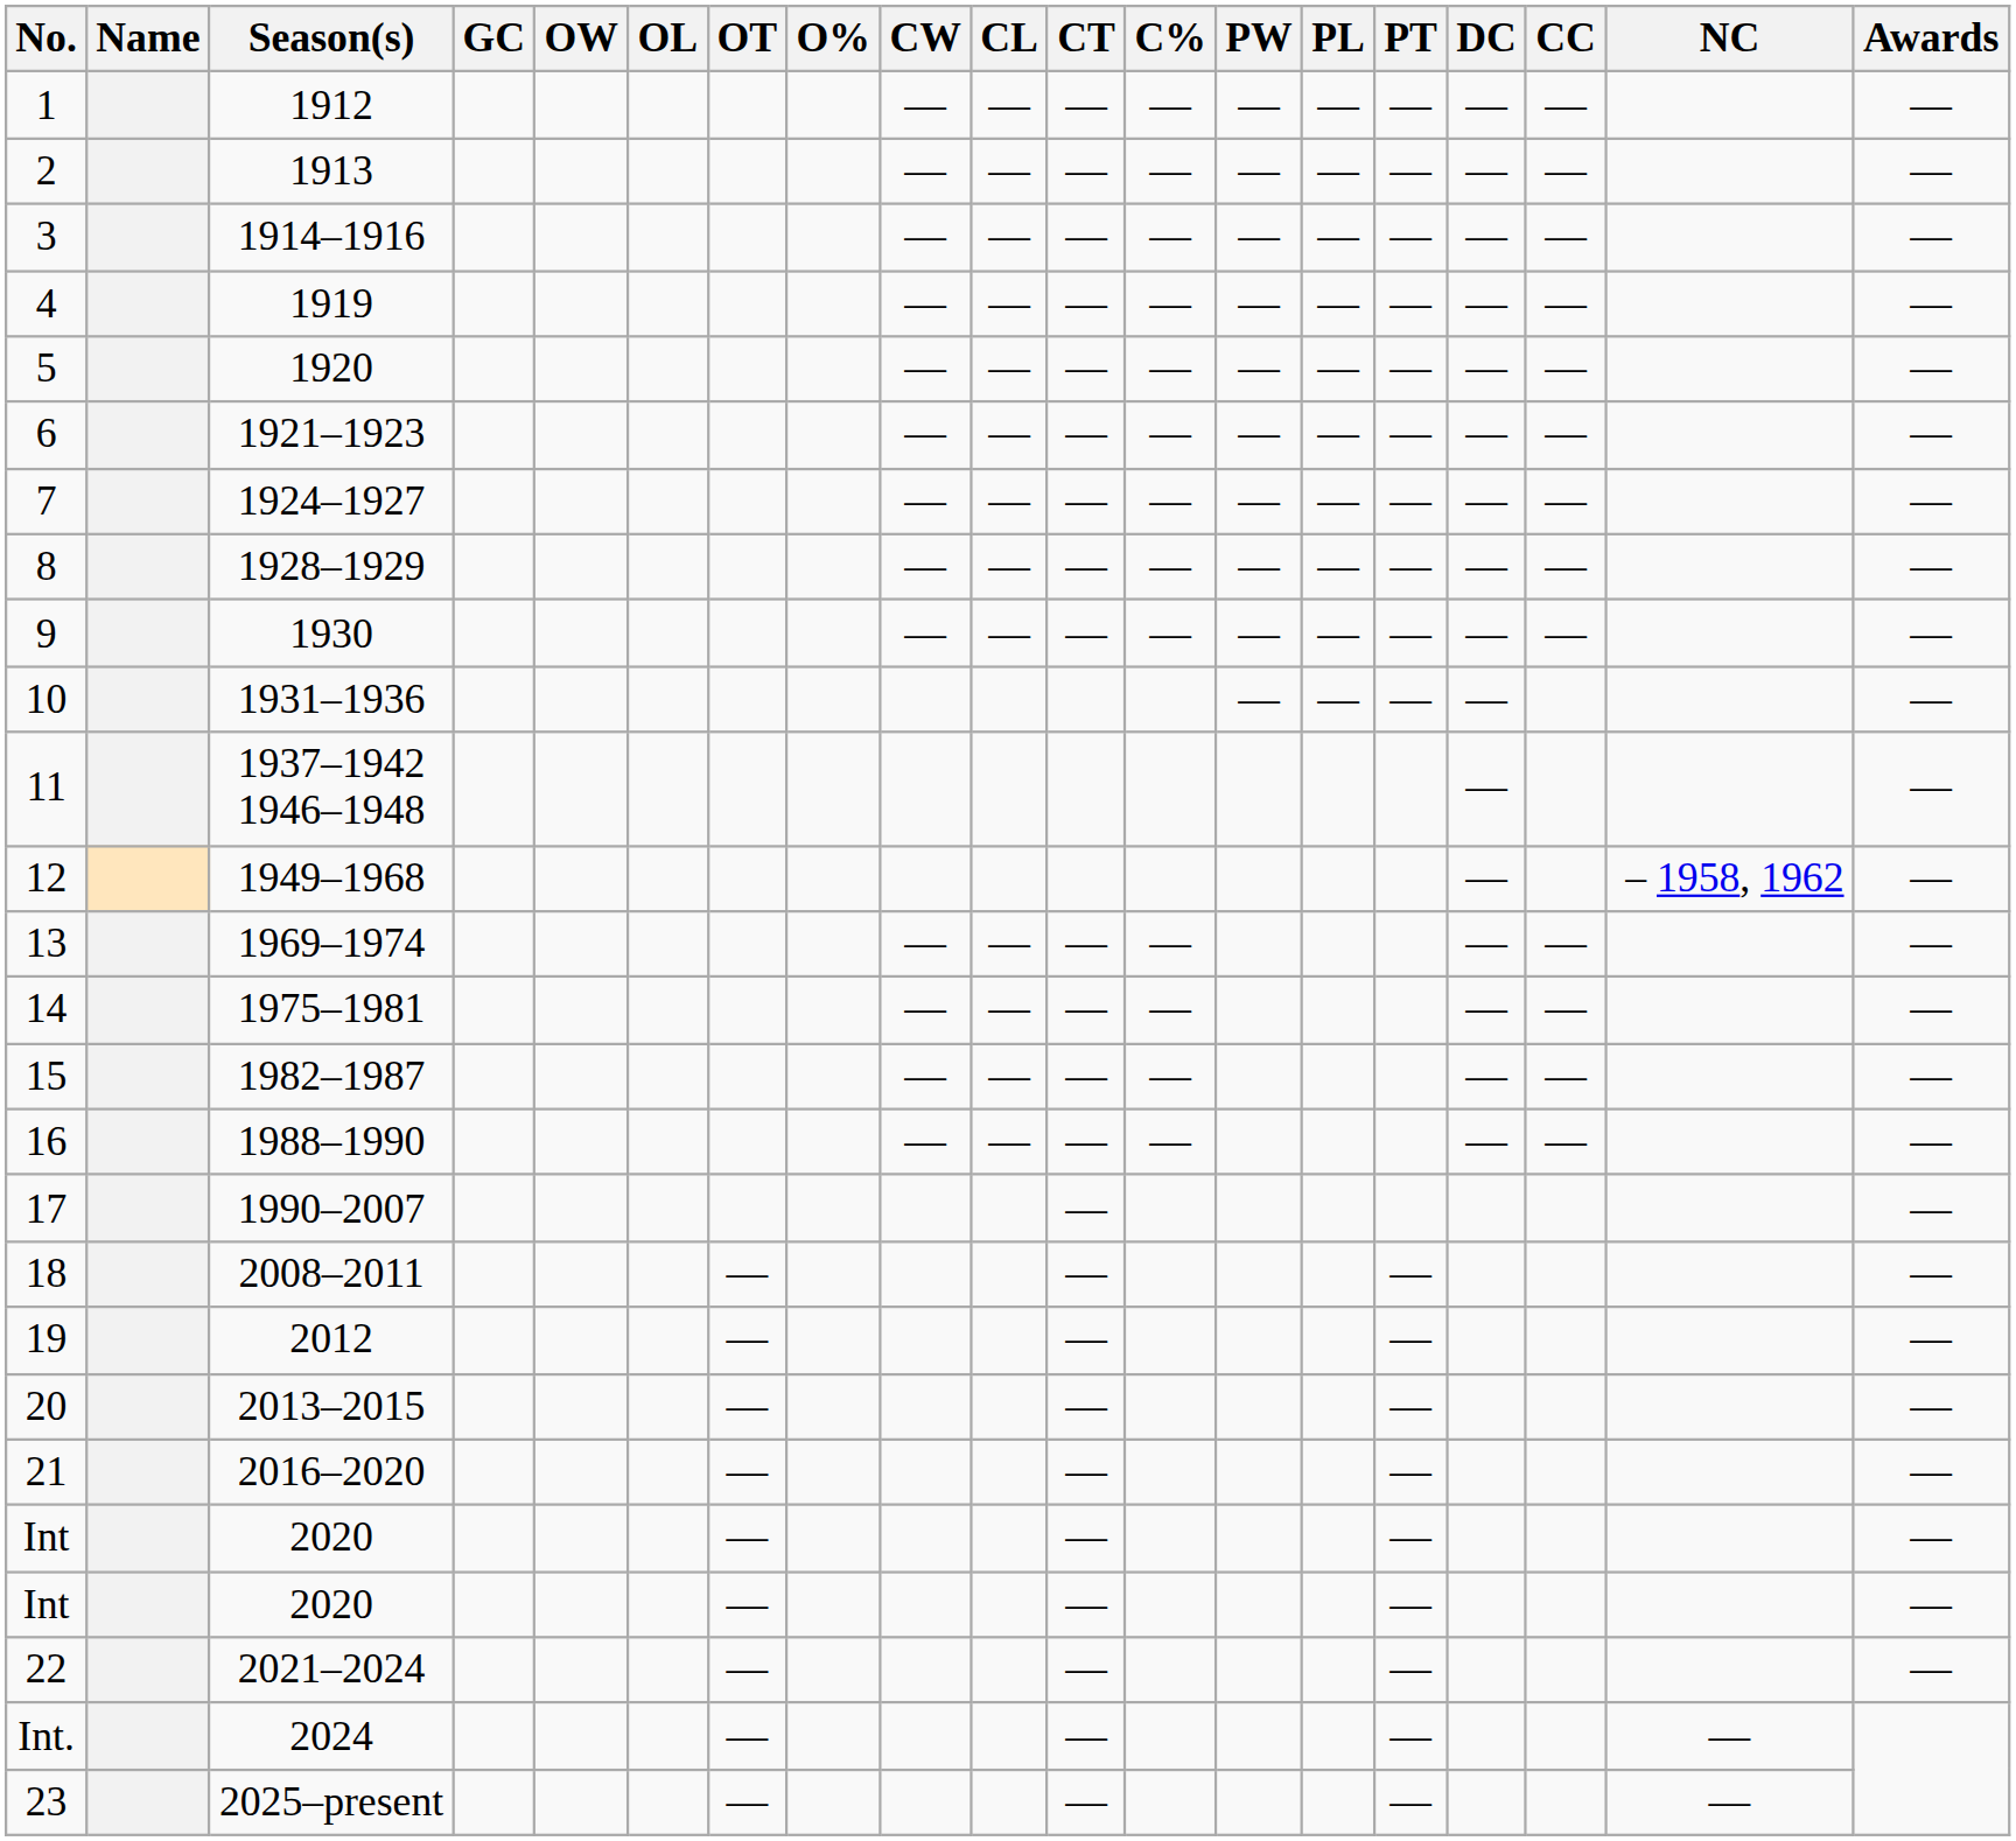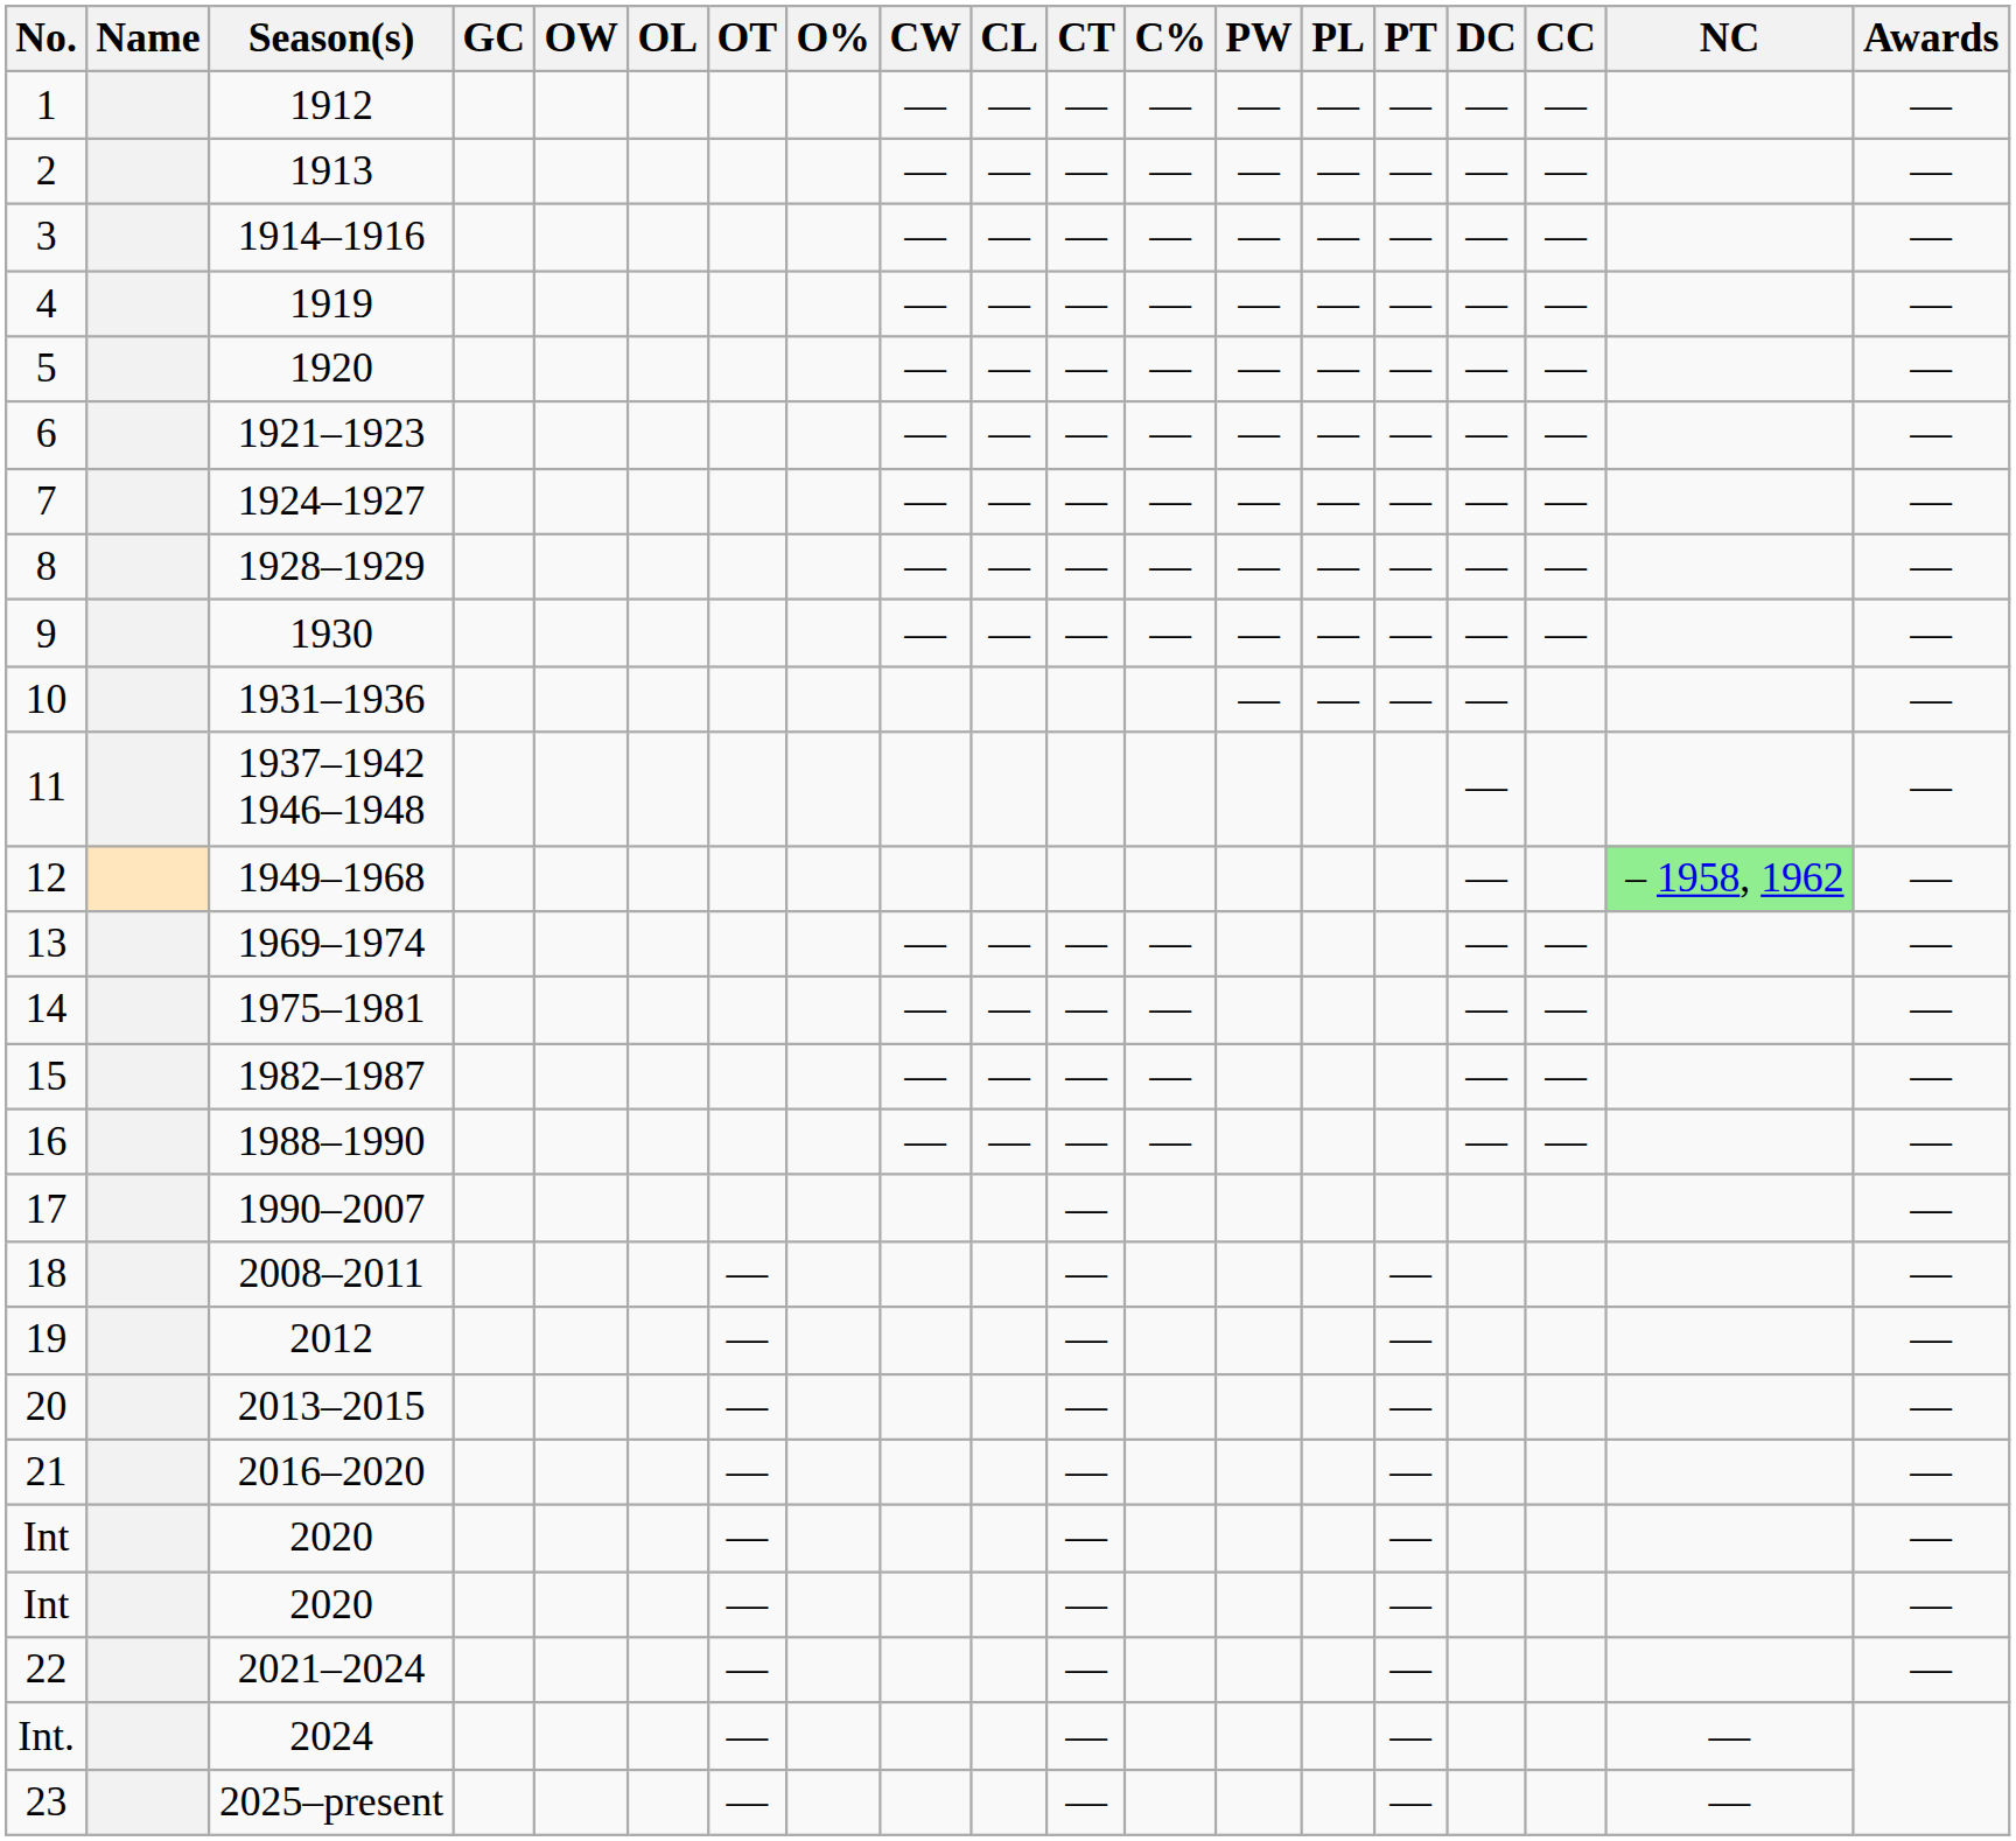 <table class="wikitable sortable" style="text-align:center">
 <tr>
 <th scope="col" class="unsortable">No.</th>
 <th scope="col">Name</th>
 <th scope="col">Season(s)<br></th>
 <th scope="col">GC</th>
 <th scope="col">OW</th>
 <th scope="col">OL</th>
 <th scope="col">OT</th>
 <th scope="col">O%</th>
 <th scope="col">CW</th>
 <th scope="col">CL</th>
 <th scope="col">CT</th>
 <th scope="col">C%</th>
 <th scope="col">PW</th>
 <th scope="col">PL</th>
 <th scope="col">PT</th>
 <th scope="col">DC<br></th>
 <th scope="col">CC</th>
 <th scope="col">NC</th>
 <th scope="col" class="unsortable">Awards</th>
 </tr>
 <tr>
 <td>1</td>
 <th scope="row"></th>
 <td>1912</td>
 <td></td>
 <td></td>
 <td></td>
 <td></td>
 <td></td>
 <td>—</td>
 <td>—</td>
 <td>—</td>
 <td>—</td>
 <td>—</td>
 <td>—</td>
 <td>—</td>
 <td>—</td>
 <td>—</td>
 <td></td>
 <td>—</td>
 </tr>
 <tr>
 <td>2</td>
 <th scope="row"></th>
 <td>1913</td>
 <td></td>
 <td></td>
 <td></td>
 <td></td>
 <td></td>
 <td>—</td>
 <td>—</td>
 <td>—</td>
 <td>—</td>
 <td>—</td>
 <td>—</td>
 <td>—</td>
 <td>—</td>
 <td>—</td>
 <td></td>
 <td>—</td>
 </tr>
 <tr>
 <td>3</td>
 <th scope="row"></th>
 <td>1914–1916</td>
 <td></td>
 <td></td>
 <td></td>
 <td></td>
 <td></td>
 <td>—</td>
 <td>—</td>
 <td>—</td>
 <td>—</td>
 <td>—</td>
 <td>—</td>
 <td>—</td>
 <td>—</td>
 <td>—</td>
 <td></td>
 <td>—</td>
 </tr>
 <tr>
 <td>4</td>
 <th scope="row"></th>
 <td>1919</td>
 <td></td>
 <td></td>
 <td></td>
 <td></td>
 <td></td>
 <td>—</td>
 <td>—</td>
 <td>—</td>
 <td>—</td>
 <td>—</td>
 <td>—</td>
 <td>—</td>
 <td>—</td>
 <td>—</td>
 <td></td>
 <td>—</td>
 </tr>
 <tr>
 <td>5</td>
 <th scope="row"></th>
 <td>1920</td>
 <td></td>
 <td></td>
 <td></td>
 <td></td>
 <td></td>
 <td>—</td>
 <td>—</td>
 <td>—</td>
 <td>—</td>
 <td>—</td>
 <td>—</td>
 <td>—</td>
 <td>—</td>
 <td>—</td>
 <td></td>
 <td>—</td>
 </tr>
 <tr>
 <td>6</td>
 <th scope="row"></th>
 <td>1921–1923</td>
 <td></td>
 <td></td>
 <td></td>
 <td></td>
 <td></td>
 <td>—</td>
 <td>—</td>
 <td>—</td>
 <td>—</td>
 <td>—</td>
 <td>—</td>
 <td>—</td>
 <td>—</td>
 <td>—</td>
 <td></td>
 <td>—</td>
 </tr>
 <tr>
 <td>7</td>
 <th scope="row"></th>
 <td>1924–1927</td>
 <td></td>
 <td></td>
 <td></td>
 <td></td>
 <td></td>
 <td>—</td>
 <td>—</td>
 <td>—</td>
 <td>—</td>
 <td>—</td>
 <td>—</td>
 <td>—</td>
 <td>—</td>
 <td>—</td>
 <td></td>
 <td>—</td>
 </tr>
 <tr>
 <td>8</td>
 <th scope="row"></th>
 <td>1928–1929</td>
 <td></td>
 <td></td>
 <td></td>
 <td></td>
 <td></td>
 <td>—</td>
 <td>—</td>
 <td>—</td>
 <td>—</td>
 <td>—</td>
 <td>—</td>
 <td>—</td>
 <td>—</td>
 <td>—</td>
 <td></td>
 <td>—</td>
 </tr>
 <tr>
 <td>9</td>
 <th scope="row"></th>
 <td>1930</td>
 <td></td>
 <td></td>
 <td></td>
 <td></td>
 <td></td>
 <td>—</td>
 <td>—</td>
 <td>—</td>
 <td>—</td>
 <td>—</td>
 <td>—</td>
 <td>—</td>
 <td>—</td>
 <td>—</td>
 <td></td>
 <td>—</td>
 </tr>
 <tr>
 <td>10</td>
 <th scope="row"></th>
 <td>1931–1936</td>
 <td></td>
 <td></td>
 <td></td>
 <td></td>
 <td></td>
 <td></td>
 <td></td>
 <td></td>
 <td></td>
 <td>—</td>
 <td>—</td>
 <td>—</td>
 <td>—</td>
 <td></td>
 <td></td>
 <td>—</td>
 </tr>
 <tr>
 <td>11</td>
 <th scope="row"></th>
 <td>1937–1942<br>1946–1948</td>
 <td></td>
 <td></td>
 <td></td>
 <td></td>
 <td></td>
 <td></td>
 <td></td>
 <td></td>
 <td></td>
 <td></td>
 <td></td>
 <td></td>
 <td>—</td>
 <td></td>
 <td></td>
 <td>—</td>
 </tr>
 <tr>
 <td>12</td>
 <td scope="row" align="center" bgcolor=#FFE6BD><strong></strong><sup></sup></td>
 <td>1949–1968</td>
 <td></td>
 <td></td>
 <td></td>
 <td></td>
 <td></td>
 <td></td>
 <td></td>
 <td></td>
 <td></td>
 <td></td>
 <td></td>
 <td></td>
 <td>—</td>
 <td></td>
-<td> – <a href='#'>1958</a>, <a href='#'>1962</a></td>
+<td style="background: lightgreen;"> – <a href='#'>1958</a>, <a href='#'>1962</a></td>
 <td>—</td>
 </tr>
 <tr>
 <td>13</td>
 <th scope="row"></th>
 <td>1969–1974</td>
 <td></td>
 <td></td>
 <td></td>
 <td></td>
 <td></td>
 <td>—</td>
 <td>—</td>
 <td>—</td>
 <td>—</td>
 <td></td>
 <td></td>
 <td></td>
 <td>—</td>
 <td>—</td>
 <td></td>
 <td>—</td>
 </tr>
 <tr>
 <td>14</td>
 <th scope="row"></th>
 <td>1975–1981</td>
 <td></td>
 <td></td>
 <td></td>
 <td></td>
 <td></td>
 <td>—</td>
 <td>—</td>
 <td>—</td>
 <td>—</td>
 <td></td>
 <td></td>
 <td></td>
 <td>—</td>
 <td>—</td>
 <td></td>
 <td>—</td>
 </tr>
 <tr>
 <td>15</td>
 <th scope="row"></th>
 <td>1982–1987</td>
 <td></td>
 <td></td>
 <td></td>
 <td></td>
 <td></td>
 <td>—</td>
 <td>—</td>
 <td>—</td>
 <td>—</td>
 <td></td>
 <td></td>
 <td></td>
 <td>—</td>
 <td>—</td>
 <td></td>
 <td>—</td>
 </tr>
 <tr>
 <td>16</td>
 <th scope="row"></th>
 <td>1988–1990</td>
 <td></td>
 <td></td>
 <td></td>
 <td></td>
 <td></td>
 <td>—</td>
 <td>—</td>
 <td>—</td>
 <td>—</td>
 <td></td>
 <td></td>
 <td></td>
 <td>—</td>
 <td>—</td>
 <td></td>
 <td>—</td>
 </tr>
 <tr>
 <td>17</td>
 <th scope="row"></th>
 <td>1990–2007</td>
 <td></td>
 <td></td>
 <td></td>
 <td></td>
 <td></td>
 <td></td>
 <td></td>
 <td>—</td>
 <td></td>
 <td></td>
 <td></td>
 <td></td>
 <td></td>
 <td></td>
 <td></td>
 <td>—</td>
 </tr>
 <tr>
 <td>18</td>
 <th scope="row"></th>
 <td>2008–2011</td>
 <td></td>
 <td></td>
 <td></td>
 <td>—</td>
 <td></td>
 <td></td>
 <td></td>
 <td>—</td>
 <td></td>
 <td></td>
 <td></td>
 <td>—</td>
 <td></td>
 <td></td>
 <td></td>
 <td>—</td>
 </tr>
 <tr>
 <td>19</td>
 <th scope="row"></th>
 <td>2012</td>
 <td></td>
 <td></td>
 <td></td>
 <td>—</td>
 <td></td>
 <td></td>
 <td></td>
 <td>—</td>
 <td></td>
 <td></td>
 <td></td>
 <td>—</td>
 <td></td>
 <td></td>
 <td></td>
 <td>—</td>
 </tr>
 <tr>
 <td>20</td>
 <th scope="row"></th>
 <td>2013–2015</td>
 <td></td>
 <td></td>
 <td></td>
 <td>—</td>
 <td></td>
 <td></td>
 <td></td>
 <td>—</td>
 <td></td>
 <td></td>
 <td></td>
 <td>—</td>
 <td></td>
 <td></td>
 <td></td>
 <td>—</td>
 </tr>
 <tr>
 <td>21</td>
 <th scope="row"></th>
 <td>2016–2020</td>
 <td></td>
 <td></td>
 <td></td>
 <td>—</td>
 <td></td>
 <td></td>
 <td></td>
 <td>—</td>
 <td></td>
 <td></td>
 <td></td>
 <td>—</td>
 <td></td>
 <td></td>
 <td></td>
 <td>—</td>
 </tr>
 <tr>
 <td>Int</td>
 <th scope="row"><br></th>
 <td>2020</td>
 <td></td>
 <td></td>
 <td></td>
 <td>—</td>
 <td></td>
 <td></td>
 <td></td>
 <td>—</td>
 <td></td>
 <td></td>
 <td></td>
 <td>—</td>
 <td></td>
 <td></td>
 <td></td>
 <td>—</td>
 </tr>
 <tr>
 <td>Int</td>
 <th scope="row"><br></th>
 <td>2020</td>
 <td></td>
 <td></td>
 <td></td>
 <td>—</td>
 <td></td>
 <td></td>
 <td></td>
 <td>—</td>
 <td></td>
 <td></td>
 <td></td>
 <td>—</td>
 <td></td>
 <td></td>
 <td></td>
 <td>—</td>
 </tr>
 <tr>
 <td>22</td>
 <th scope="row"></th>
 <td>2021–2024</td>
 <td></td>
 <td></td>
 <td></td>
 <td>—</td>
 <td></td>
 <td></td>
 <td></td>
 <td>—</td>
 <td></td>
 <td></td>
 <td></td>
 <td>—</td>
 <td></td>
 <td></td>
 <td></td>
 <td>—</td>
 </tr>
 <tr>
 <td>Int.</td>
 <th scope="row"><br></th>
 <td>2024</td>
 <td></td>
 <td></td>
 <td></td>
 <td>—</td>
 <td></td>
 <td></td>
 <td></td>
 <td>—</td>
 <td></td>
 <td></td>
 <td></td>
 <td>—</td>
 <td></td>
 <td></td>
 <td>—</td>
 </tr>
 <tr>
 <td>23</td>
 <th scope="row"></th>
 <td>2025–present</td>
 <td></td>
 <td></td>
 <td></td>
 <td>—</td>
 <td></td>
 <td></td>
 <td></td>
 <td>—</td>
 <td></td>
 <td></td>
 <td></td>
 <td>—</td>
 <td></td>
 <td></td>
 <td>—</td>
 </tr>
 </table>
